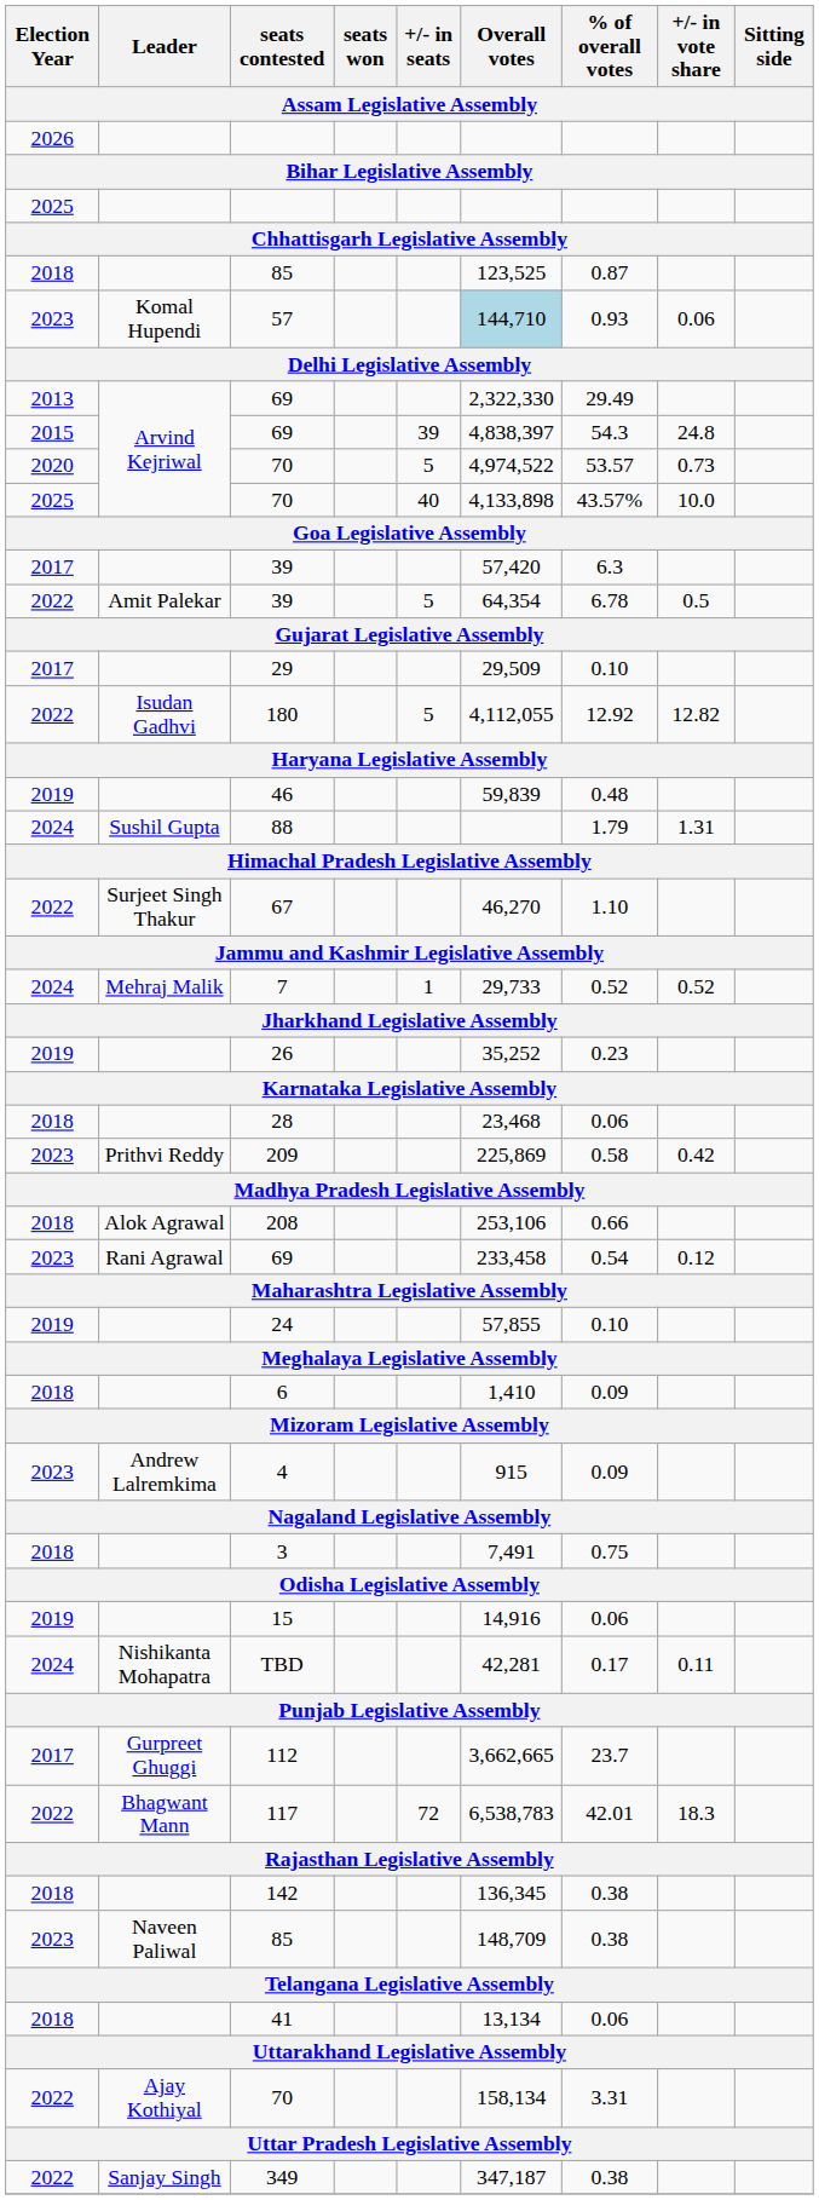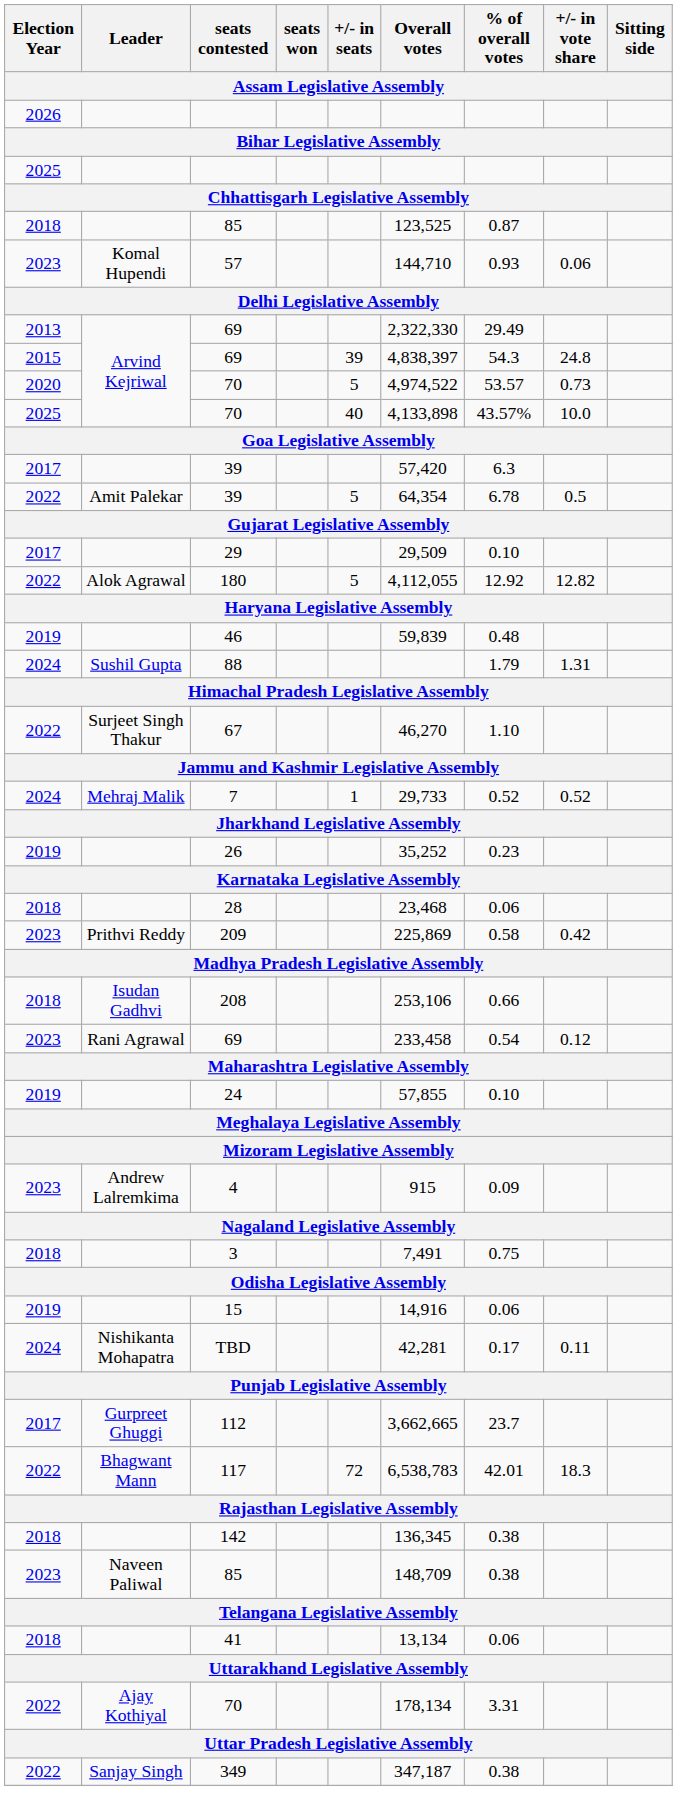 <table class="wikitable sortable " style="text-align:center;">
 <tr>
 <th Style="background-color:">Election Year</th>
 <th style="background-color:">Leader</th>
 <th style="background-color:">seats contested</th>
 <th style="background-color:">seats won</th>
 <th style="background-color:">+/- in seats</th>
 <th style="background-color:">Overall votes</th>
 <th Style="background-color:">% of overall votes</th>
 <th Style="background-color:">+/- in vote share</th>
 <th Style="background-color:">Sitting side</th>
 </tr>
 <tr>
 <th colspan="9"><a href='#'>Assam Legislative Assembly</a></th>
 </tr>
 <tr>
 <td><a href='#'>2026</a><br></td>
 <td></td>
 <td></td>
 <td></td>
 <td></td>
 <td></td>
 <td></td>
 <td></td>
 <td></td>
 </tr>
 <tr>
 <th colspan="9"><a href='#'>Bihar Legislative Assembly</a></th>
 </tr>
 <tr>
 <td><a href='#'>2025</a><br></td>
 <td></td>
 <td></td>
 <td></td>
 <td></td>
 <td></td>
 <td></td>
 <td></td>
 <td></td>
 </tr>
 <tr>
 <th colspan="9"><a href='#'>Chhattisgarh Legislative Assembly</a></th>
 </tr>
 <tr>
 <td><a href='#'>2018</a><br></td>
 <td></td>
 <td>85</td>
 <td></td>
 <td></td>
 <td>123,525</td>
 <td>0.87</td>
 <td></td>
 <td></td>
 </tr>
 <tr>
 <td><a href='#'>2023</a></td>
 <td>Komal Hupendi</td>
 <td>57</td>
 <td></td>
 <td></td>
-<td style="background: lightblue;">144,710</td>
+<td>144,710</td>
 <td>0.93</td>
 <td>0.06</td>
 <td></td>
 </tr>
 <tr>
 <th colspan="9"><a href='#'>Delhi Legislative Assembly</a></th>
 </tr>
 <tr>
 <td><a href='#'>2013</a><br></td>
 <td rowspan="4"><a href='#'>Arvind Kejriwal</a></td>
 <td>69</td>
 <td></td>
 <td></td>
 <td>2,322,330</td>
 <td>29.49</td>
 <td></td>
 <td></td>
 </tr>
 <tr>
 <td><a href='#'>2015</a></td>
 <td>69</td>
 <td></td>
 <td> 39</td>
 <td>4,838,397</td>
 <td>54.3</td>
 <td> 24.8</td>
 <td></td>
 </tr>
 <tr>
 <td><a href='#'>2020</a></td>
 <td>70</td>
 <td></td>
 <td> 5</td>
 <td>4,974,522</td>
 <td>53.57</td>
 <td> 0.73</td>
 <td></td>
 </tr>
 <tr>
 <td><a href='#'>2025</a></td>
 <td>70</td>
 <td></td>
 <td> 40</td>
 <td>4,133,898</td>
 <td>43.57%</td>
 <td> 10.0</td>
 <td></td>
 </tr>
 <tr>
 <th colspan="9"><a href='#'>Goa Legislative Assembly</a></th>
 </tr>
 <tr>
 <td><a href='#'>2017</a><br></td>
 <td></td>
 <td>39</td>
 <td></td>
 <td></td>
 <td>57,420</td>
 <td>6.3</td>
 <td></td>
 <td></td>
 </tr>
 <tr>
 <td><a href='#'>2022</a></td>
 <td>Amit Palekar</td>
 <td>39</td>
 <td></td>
 <td>5</td>
 <td>64,354</td>
 <td>6.78</td>
 <td>0.5</td>
 <td></td>
 </tr>
 <tr>
 <th colspan="9"><a href='#'>Gujarat Legislative Assembly</a></th>
 </tr>
 <tr>
 <td><a href='#'>2017</a><br></td>
 <td></td>
 <td>29</td>
 <td></td>
 <td></td>
 <td>29,509</td>
 <td>0.10</td>
 <td></td>
 <td></td>
 </tr>
 <tr>
 <td><a href='#'>2022</a></td>
-<td><a href='#'>Isudan Gadhvi</a></td>
+<td>Alok Agrawal</td>
 <td>180</td>
 <td></td>
 <td>5</td>
 <td>4,112,055</td>
 <td>12.92</td>
 <td>12.82</td>
 <td></td>
 </tr>
 <tr>
 <th colspan="9"><a href='#'>Haryana Legislative Assembly</a></th>
 </tr>
 <tr>
 <td><a href='#'>2019</a><br></td>
 <td></td>
 <td>46</td>
 <td></td>
 <td></td>
 <td>59,839</td>
 <td>0.48</td>
 <td></td>
 <td></td>
 </tr>
 <tr>
 <td><a href='#'>2024</a></td>
 <td><a href='#'>Sushil Gupta</a></td>
 <td>88</td>
 <td></td>
 <td></td>
 <td></td>
 <td>1.79</td>
 <td>1.31</td>
 <td></td>
 </tr>
 <tr>
 <th colspan="9"><a href='#'>Himachal Pradesh Legislative Assembly</a></th>
 </tr>
 <tr>
 <td><a href='#'>2022</a><br></td>
 <td>Surjeet Singh Thakur</td>
 <td>67</td>
 <td></td>
 <td></td>
 <td>46,270</td>
 <td>1.10</td>
 <td></td>
 <td></td>
 </tr>
 <tr>
 <th colspan="9"><a href='#'>Jammu and Kashmir Legislative Assembly</a></th>
 </tr>
 <tr>
 <td><a href='#'>2024</a><br></td>
 <td><a href='#'>Mehraj Malik</a></td>
 <td>7</td>
 <td></td>
 <td>1</td>
 <td>29,733</td>
 <td>0.52</td>
 <td>0.52</td>
 <td></td>
 </tr>
 <tr>
 <th colspan="9"><a href='#'>Jharkhand Legislative Assembly</a></th>
 </tr>
 <tr>
 <td><a href='#'>2019</a><br></td>
 <td></td>
 <td>26</td>
 <td></td>
 <td></td>
 <td>35,252</td>
 <td>0.23</td>
 <td></td>
 <td></td>
 </tr>
 <tr>
 <th colspan="9"><a href='#'>Karnataka Legislative Assembly</a></th>
 </tr>
 <tr>
 <td><a href='#'>2018</a><br></td>
 <td></td>
 <td>28</td>
 <td></td>
 <td></td>
 <td>23,468</td>
 <td>0.06</td>
 <td></td>
 <td></td>
 </tr>
 <tr>
 <td><a href='#'>2023</a></td>
 <td>Prithvi Reddy</td>
 <td>209</td>
 <td></td>
 <td></td>
 <td>225,869</td>
 <td>0.58</td>
 <td>0.42</td>
 <td></td>
 </tr>
 <tr>
 <th colspan="9"><a href='#'>Madhya Pradesh Legislative Assembly</a></th>
 </tr>
 <tr>
 <td><a href='#'>2018</a><br></td>
-<td>Alok Agrawal</td>
+<td><a href='#'>Isudan Gadhvi</a></td>
 <td>208</td>
 <td></td>
 <td></td>
 <td>253,106</td>
 <td>0.66</td>
 <td></td>
 <td></td>
 </tr>
 <tr>
 <td><a href='#'>2023</a></td>
 <td>Rani Agrawal</td>
 <td>69</td>
 <td></td>
 <td></td>
 <td>233,458</td>
 <td>0.54</td>
 <td>0.12</td>
 <td></td>
 </tr>
 <tr>
 <th colspan="9"><a href='#'>Maharashtra Legislative Assembly</a></th>
 </tr>
 <tr>
 <td><a href='#'>2019</a><br></td>
 <td></td>
 <td>24</td>
 <td></td>
 <td></td>
 <td>57,855</td>
 <td>0.10</td>
 <td></td>
 <td></td>
 </tr>
 <tr>
 <th colspan="9"><a href='#'>Meghalaya Legislative Assembly</a></th>
-</tr>
-<tr>
-<td><a href='#'>2018</a><br></td>
-<td></td>
-<td>6</td>
-<td></td>
-<td></td>
-<td>1,410</td>
-<td>0.09</td>
-<td></td>
-<td></td>
 </tr>
 <tr>
 <th colspan="9"><a href='#'>Mizoram Legislative Assembly</a></th>
 </tr>
 <tr>
 <td><a href='#'>2023</a><br></td>
 <td>Andrew Lalremkima</td>
 <td>4</td>
 <td></td>
 <td></td>
 <td>915</td>
 <td>0.09</td>
 <td></td>
 <td></td>
 </tr>
 <tr>
 <th colspan="9"><a href='#'>Nagaland Legislative Assembly</a></th>
 </tr>
 <tr>
 <td><a href='#'>2018</a><br></td>
 <td></td>
 <td>3</td>
 <td></td>
 <td></td>
 <td>7,491</td>
 <td>0.75</td>
 <td></td>
 <td></td>
 </tr>
 <tr>
 <th colspan="9"><a href='#'>Odisha Legislative Assembly</a></th>
 </tr>
 <tr>
 <td><a href='#'>2019</a><br></td>
 <td></td>
 <td>15</td>
 <td></td>
 <td></td>
 <td>14,916</td>
 <td>0.06</td>
 <td></td>
 <td></td>
 </tr>
 <tr>
 <td><a href='#'>2024</a></td>
 <td>Nishikanta Mohapatra</td>
 <td>TBD</td>
 <td></td>
 <td></td>
 <td>42,281</td>
 <td>0.17</td>
 <td>0.11</td>
 <td></td>
 </tr>
 <tr>
 <th colspan="9"><a href='#'>Punjab Legislative Assembly</a></th>
 </tr>
 <tr>
 <td><a href='#'>2017</a><br></td>
 <td><a href='#'>Gurpreet Ghuggi</a></td>
 <td>112</td>
 <td></td>
 <td></td>
 <td>3,662,665</td>
 <td>23.7</td>
 <td></td>
 <td></td>
 </tr>
 <tr>
 <td><a href='#'>2022</a></td>
 <td><a href='#'>Bhagwant Mann</a></td>
 <td>117</td>
 <td></td>
 <td>72</td>
 <td>6,538,783</td>
 <td>42.01</td>
 <td>18.3</td>
 <td></td>
 </tr>
 <tr>
 <th colspan="9"><a href='#'>Rajasthan Legislative Assembly</a></th>
 </tr>
 <tr>
 <td><a href='#'>2018</a><br></td>
 <td></td>
 <td>142</td>
 <td></td>
 <td></td>
 <td>136,345</td>
 <td>0.38</td>
 <td></td>
 <td></td>
 </tr>
 <tr>
 <td><a href='#'>2023</a></td>
 <td>Naveen Paliwal</td>
 <td>85</td>
 <td></td>
 <td></td>
 <td>148,709</td>
 <td>0.38</td>
 <td></td>
 <td></td>
 </tr>
 <tr>
 <th colspan="9"><a href='#'>Telangana Legislative Assembly</a></th>
 </tr>
 <tr>
 <td><a href='#'>2018</a><br></td>
 <td></td>
 <td>41</td>
 <td></td>
 <td></td>
 <td>13,134</td>
 <td>0.06</td>
 <td></td>
 <td></td>
 </tr>
 <tr>
 <th colspan="9"><a href='#'>Uttarakhand Legislative Assembly</a></th>
 </tr>
 <tr>
 <td><a href='#'>2022</a><br></td>
 <td><a href='#'>Ajay Kothiyal</a></td>
 <td>70</td>
 <td></td>
 <td></td>
-<td>158,134</td>
+<td>178,134</td>
 <td>3.31</td>
 <td></td>
 <td></td>
 </tr>
 <tr>
 <th colspan="9"><a href='#'>Uttar Pradesh Legislative Assembly</a></th>
 </tr>
 <tr>
 <td><a href='#'>2022</a><br></td>
 <td><a href='#'>Sanjay Singh</a></td>
 <td>349</td>
 <td></td>
 <td></td>
 <td>347,187</td>
 <td>0.38</td>
 <td></td>
 <td></td>
 </tr>
 <tr>
 </tr>
 </table>
